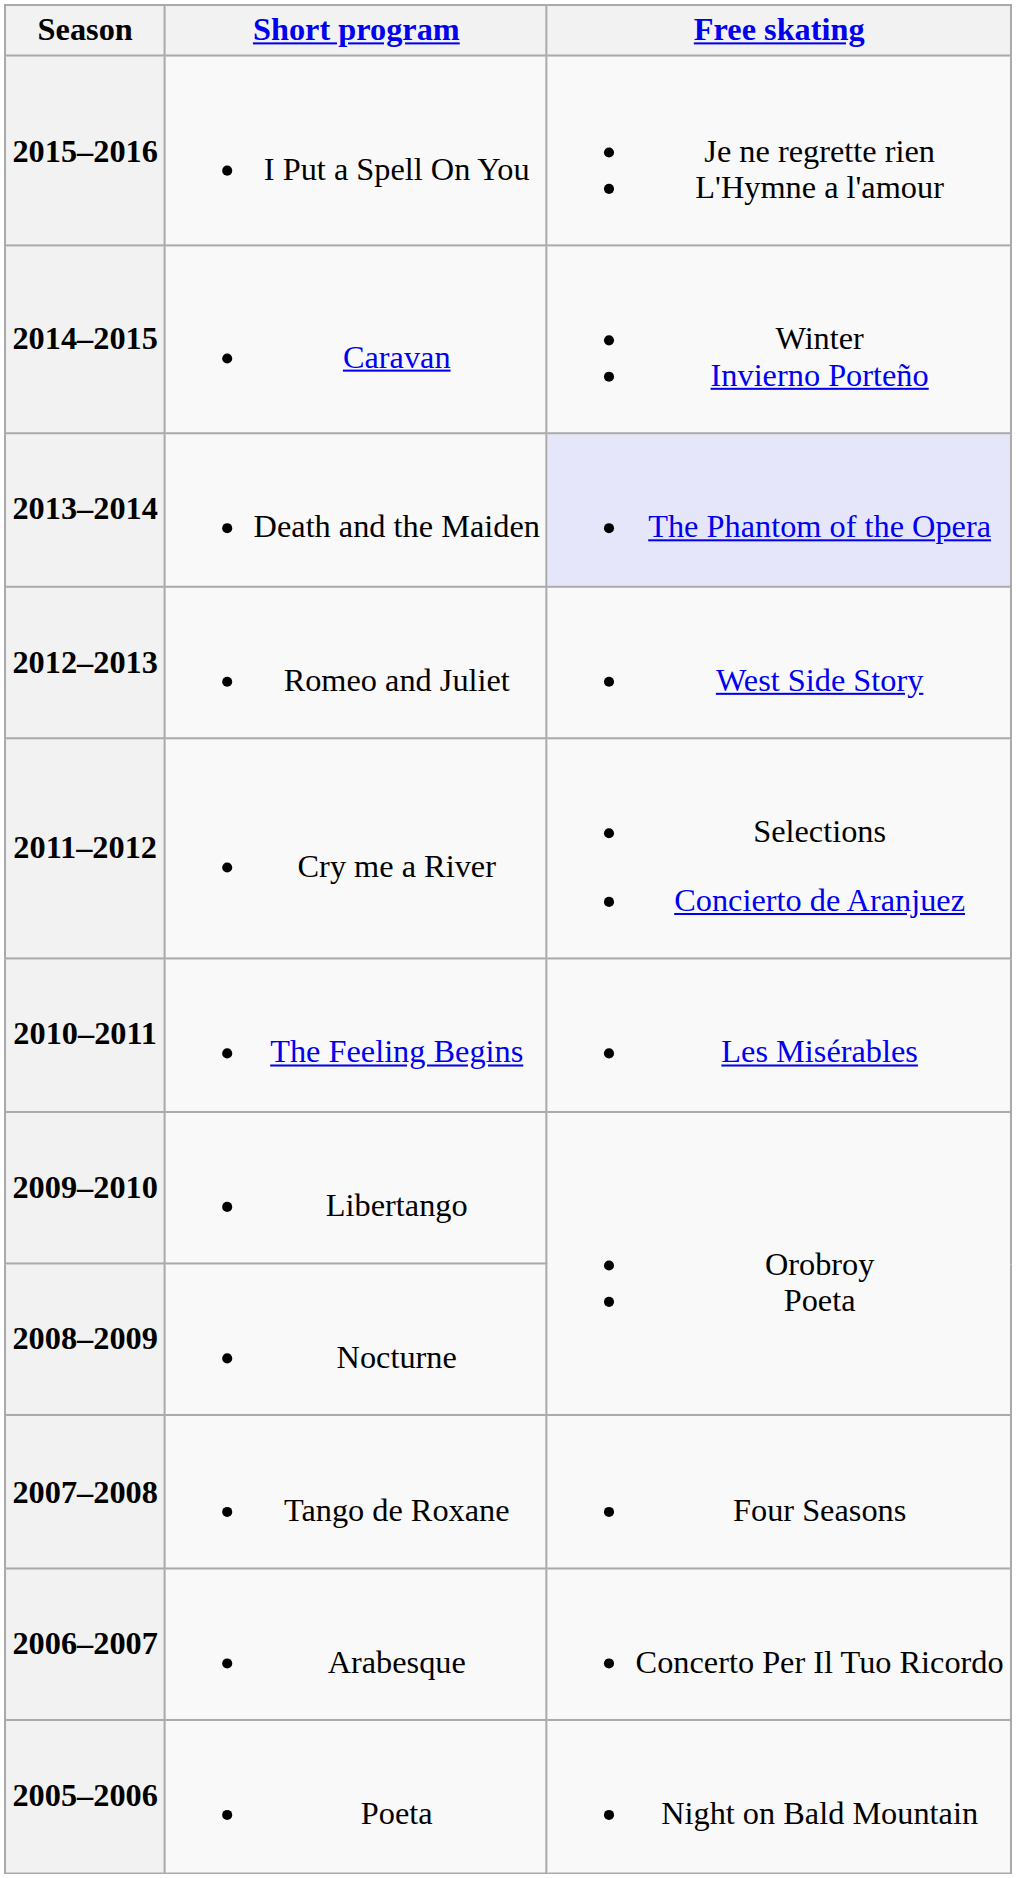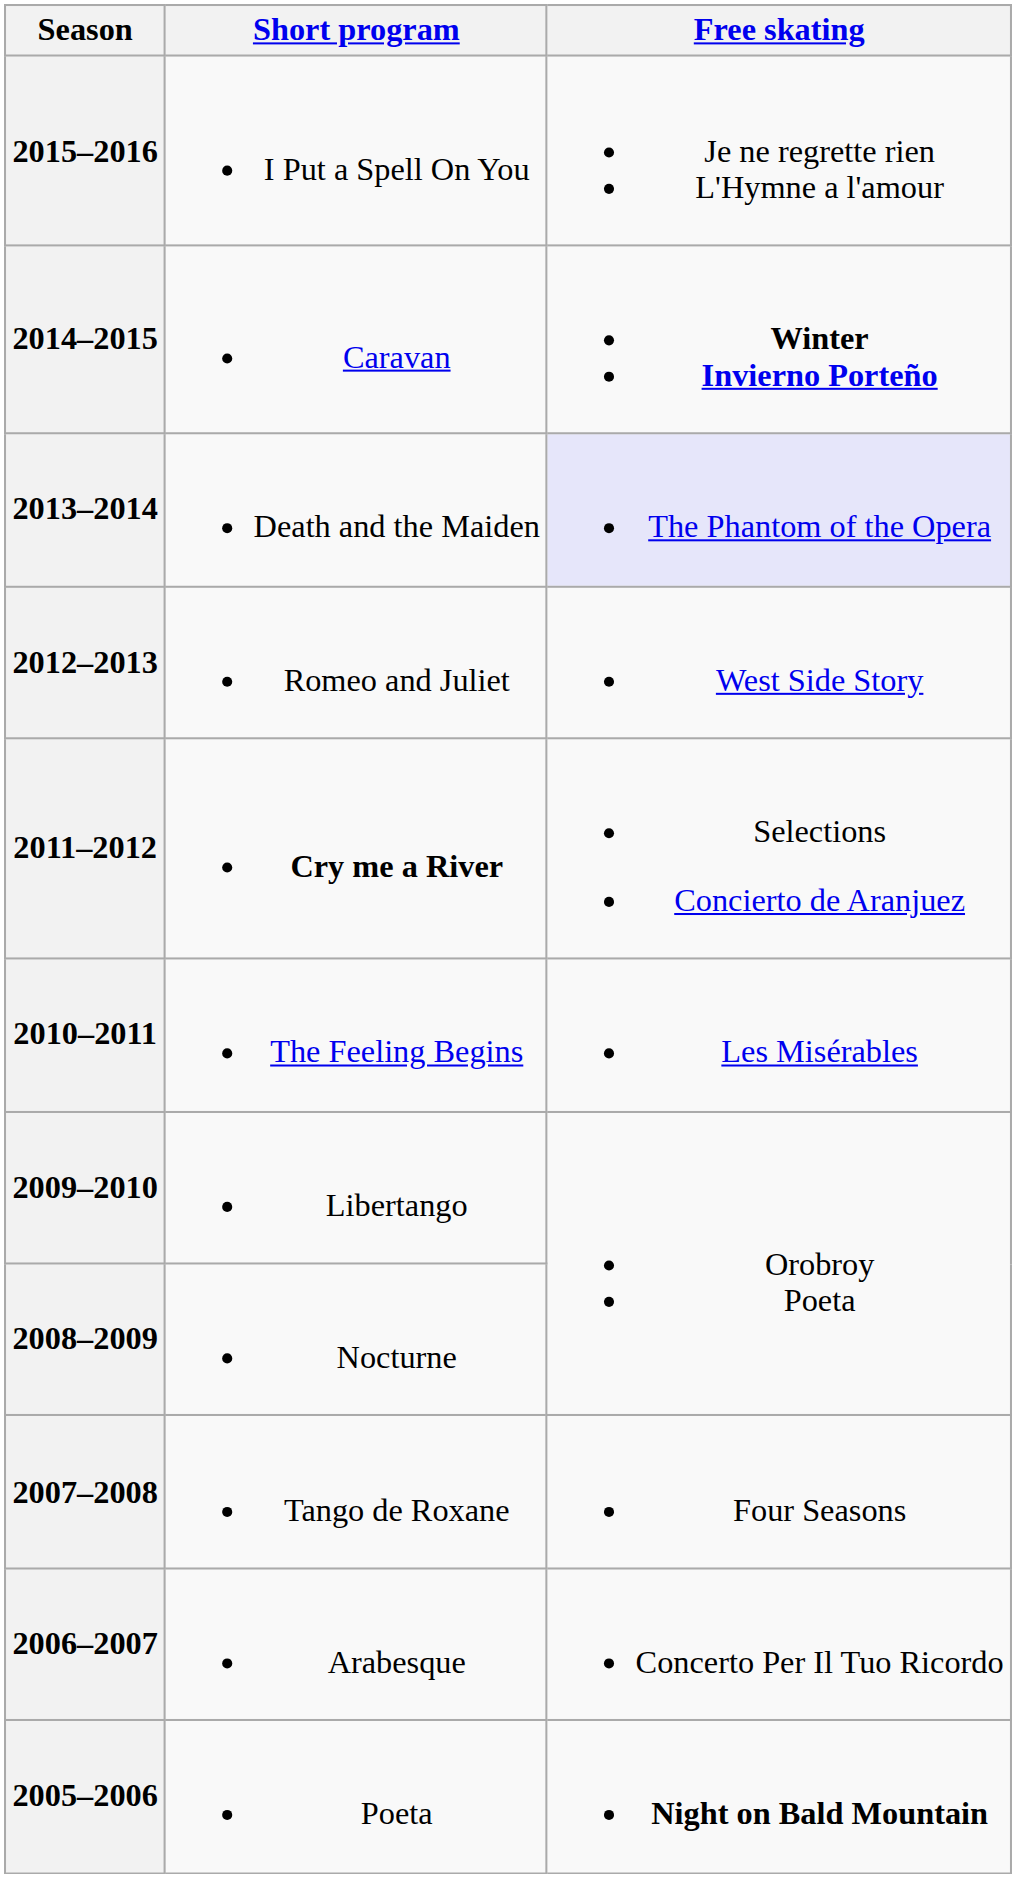 <table class="wikitable" style="text-align:center">
 <tr>
 <th>Season</th>
 <th><a href='#'>Short program</a></th>
 <th><a href='#'>Free skating</a></th>
 </tr>
 <tr>
 <th>2015–2016 <br> </th>
 <td><br><ul><li>I Put a Spell On You</li></ul></td>
 <td><br><ul><li>Je ne regrette rien <br></li><li>L'Hymne a l'amour <br></li></ul></td>
 </tr>
 <tr>
 <th>2014–2015 <br> </th>
 <td><br><ul><li><a href='#'>Caravan</a> <br></li></ul></td>
-<td><br><ul><li>Winter <br></li><li><a href='#'>Invierno Porteño</a> <br></li></ul></td>
+<td><strong><br><ul><li>Winter <br></li><li><a href='#'>Invierno Porteño</a> <br></li></ul></strong></td>
 </tr>
 <tr>
 <th>2013–2014 <br> </th>
 <td><br><ul><li>Death and the Maiden <br></li></ul></td>
 <td style="background: lavender;"><br><ul><li><a href='#'>The Phantom of the Opera</a> <br></li></ul></td>
 </tr>
 <tr>
 <th>2012–2013 <br> </th>
 <td><br><ul><li>Romeo and Juliet <br></li></ul></td>
 <td><br><ul><li><a href='#'>West Side Story</a> <br></li></ul></td>
 </tr>
 <tr>
 <th>2011–2012 <br> </th>
-<td><br><ul><li>Cry me a River</li></ul></td>
+<td><strong><br><ul><li>Cry me a River</li></ul></strong></td>
 <td><br><ul><li>Selections <br></li></ul><ul><li><a href='#'>Concierto de Aranjuez</a> <br></li></ul></td>
 </tr>
 <tr>
 <th>2010–2011 <br> </th>
 <td><br><ul><li><a href='#'>The Feeling Begins</a> <br></li></ul></td>
 <td><br><ul><li><a href='#'>Les Misérables</a> <br></li></ul></td>
 </tr>
 <tr>
 <th>2009–2010 <br> </th>
 <td><br><ul><li>Libertango <br></li></ul></td>
 <td rowspan=2><br><ul><li>Orobroy <br></li><li>Poeta <br></li></ul></td>
 </tr>
 <tr>
 <th>2008–2009 <br> </th>
 <td><br><ul><li>Nocturne  <br></li></ul></td>
 </tr>
 <tr>
 <th>2007–2008 <br> </th>
 <td><br><ul><li>Tango de Roxane <br></li></ul></td>
 <td><br><ul><li>Four Seasons <br></li></ul></td>
 </tr>
 <tr>
 <th>2006–2007 <br> </th>
 <td><br><ul><li>Arabesque <br></li></ul></td>
 <td><br><ul><li>Concerto Per Il Tuo Ricordo <br></li></ul></td>
 </tr>
 <tr>
 <th>2005–2006 <br> </th>
 <td><br><ul><li>Poeta <br></li></ul></td>
-<td><br><ul><li>Night on Bald Mountain <br></li></ul></td>
+<td><strong><br><ul><li>Night on Bald Mountain <br></li></ul></strong></td>
 </tr>
 </table>
